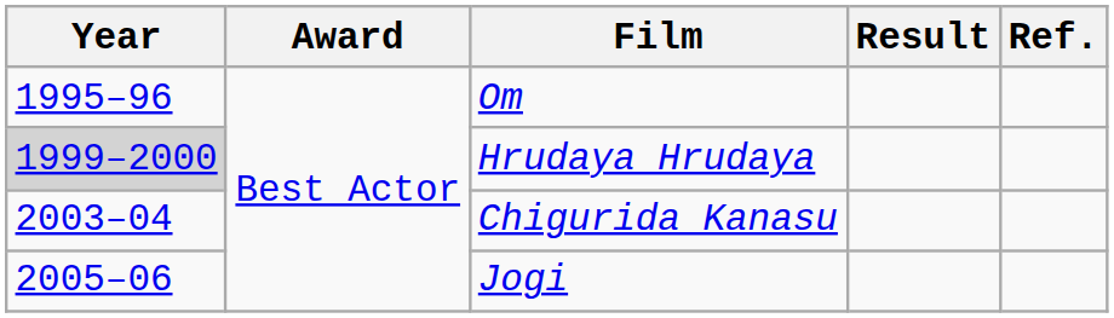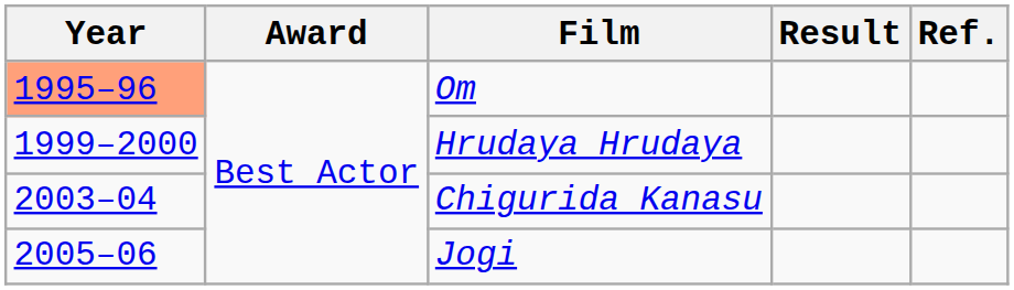 <table class="wikitable sortable">
 <tr>
 <th>Year</th>
 <th>Award</th>
 <th>Film</th>
 <th>Result</th>
 <th>Ref.</th>
 </tr>
 <tr>
-<td><a href='#'>1995–96</a></td>
+<td style="background: lightsalmon;"><a href='#'>1995–96</a></td>
 <td rowspan=4><a href='#'>Best Actor</a></td>
 <td><em><a href='#'>Om</a></em></td>
 <td></td>
 <td></td>
 </tr>
 <tr>
-<td style="background: lightgrey;"><a href='#'>1999–2000</a></td>
+<td><a href='#'>1999–2000</a></td>
 <td><em><a href='#'>Hrudaya Hrudaya</a></em></td>
 <td></td>
 <td></td>
 </tr>
 <tr>
 <td><a href='#'>2003–04</a></td>
 <td><em><a href='#'>Chigurida Kanasu</a></em></td>
 <td></td>
 <td></td>
 </tr>
 <tr>
 <td><a href='#'>2005–06</a></td>
 <td><em><a href='#'>Jogi</a></em></td>
 <td></td>
 <td></td>
 </tr>
 </table>
